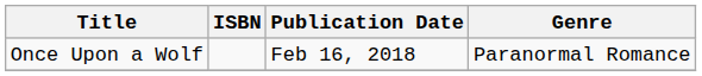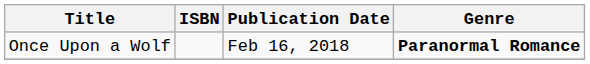 <table class="wikitable">
 <tr>
 <th>Title</th>
 <th>ISBN</th>
 <th>Publication Date</th>
 <th>Genre</th>
 </tr>
 <tr>
 <td>Once Upon a Wolf</td>
 <td></td>
 <td>Feb 16, 2018</td>
-<td>Paranormal Romance</td>
+<td><strong>Paranormal Romance</strong></td>
 </tr>
 <tr>
 </tr>
 </table>
